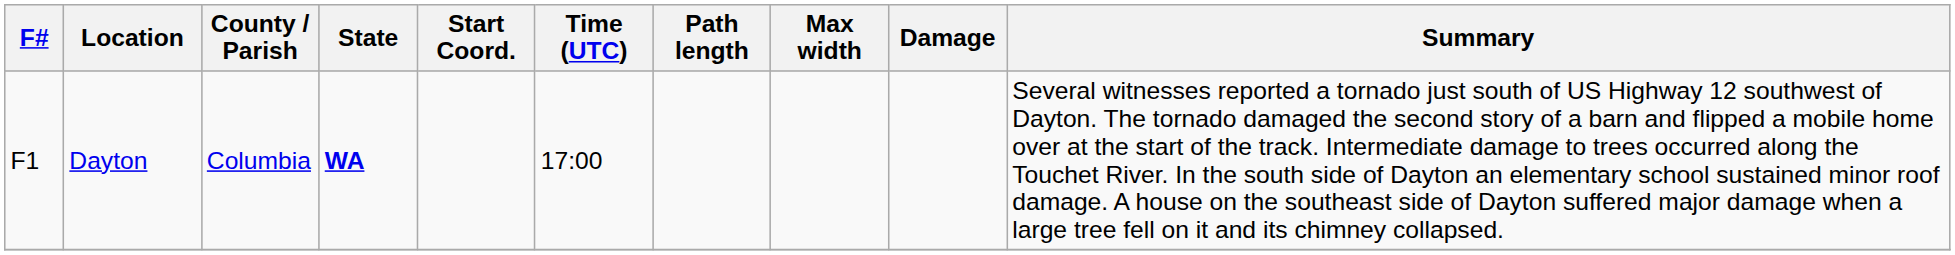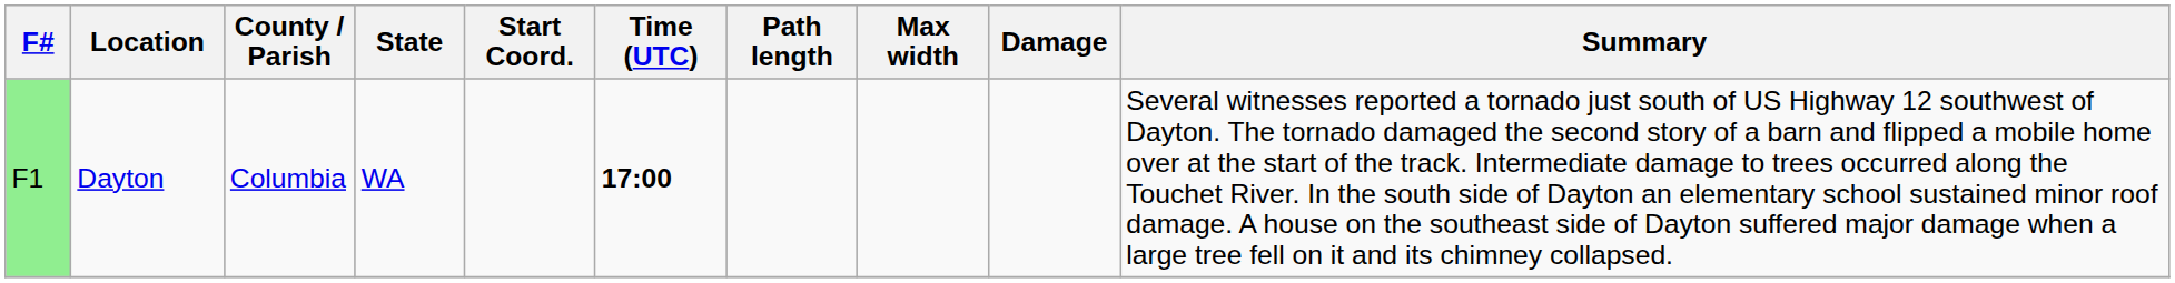 <table class="wikitable sortable" style="width:100%;">
 <tr>
 <th scope="col"  style="width:3%; text-align:center;"><a href='#'>F#</a></th>
 <th scope="col"  style="width:7%; text-align:center;" class="unsortable">Location</th>
 <th scope="col"  style="width:6%; text-align:center;" class="unsortable">County / Parish</th>
 <th scope="col"  style="width:5%; text-align:center;">State</th>
 <th scope="col"  style="width:6%; text-align:center;">Start Coord.</th>
 <th scope="col"  style="width:6%; text-align:center;">Time (<a href='#'>UTC</a>)</th>
 <th scope="col"  style="width:6%; text-align:center;">Path length</th>
 <th scope="col"  style="width:6%; text-align:center;">Max width</th>
 <th scope="col"  style="width:6%; text-align:center;">Damage</th>
 <th scope="col" class="unsortable" style="width:48%; text-align:center;">Summary</th>
 </tr>
 <tr>
-<td>F1</td>
+<td style="background: lightgreen;">F1</td>
 <td><a href='#'>Dayton</a></td>
 <td><a href='#'>Columbia</a></td>
-<td><strong><a href='#'>WA</a></strong></td>
+<td><a href='#'>WA</a></td>
 <td></td>
-<td>17:00</td>
+<td><strong>17:00</strong></td>
 <td></td>
 <td></td>
 <td></td>
 <td>Several witnesses reported a tornado just south of US Highway 12 southwest of Dayton. The tornado damaged the second story of a barn and flipped a mobile home over at the start of the track. Intermediate damage to trees occurred along the Touchet River. In the south side of Dayton an elementary school sustained minor roof damage. A house on the southeast side of Dayton suffered major damage when a large tree fell on it and its chimney collapsed.</td>
 </tr>
 <tr>
 </tr>
 </table>
